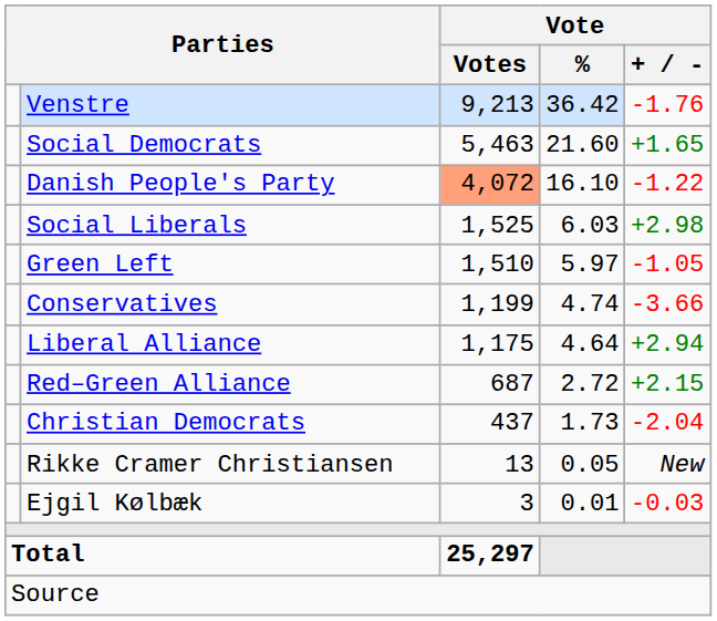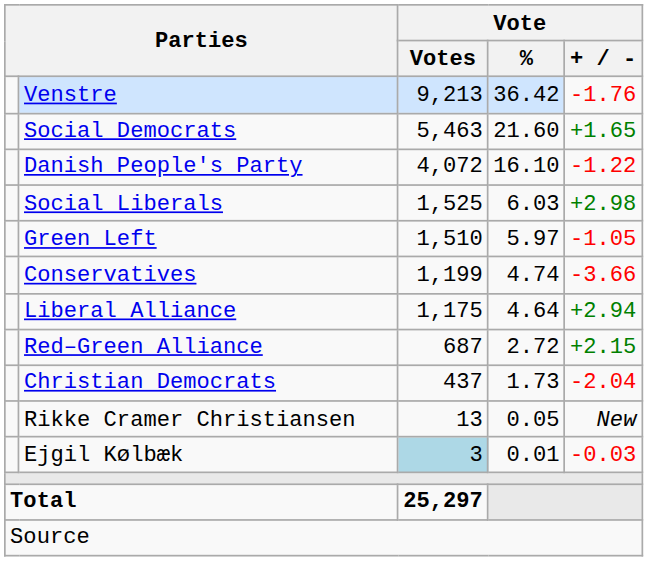 <table class="wikitable" style="text-align:right;">
 <tr>
 <th style="text-align:centre;" rowspan="2" colspan="2" width="225">Parties</th>
 <th colspan="3">Vote</th>
 </tr>
 <tr>
 <th width="15">Votes</th>
 <th width="15">%</th>
 <th width="15">+ / -</th>
 </tr>
 <tr>
 <td width="2" style="color:inherit;background:"></td>
 <td bgcolor=#cfe5fe  align="left"><a href='#'>Venstre</a></td>
 <td bgcolor=#cfe5fe>9,213</td>
 <td bgcolor=#cfe5fe>36.42</td>
 <td style=color:red;>-1.76</td>
 </tr>
 <tr>
 <td width="2" style="color:inherit;background:"></td>
 <td align="left"><a href='#'>Social Democrats</a></td>
 <td>5,463</td>
 <td>21.60</td>
 <td style=color:green;>+1.65</td>
 </tr>
 <tr>
 <td width="2" style="color:inherit;background:"></td>
 <td align="left"><a href='#'>Danish People's Party</a></td>
-<td style="background: lightsalmon;">4,072</td>
+<td>4,072</td>
 <td>16.10</td>
 <td style=color:red;>-1.22</td>
 </tr>
 <tr>
 <td width="2" style="color:inherit;background:"></td>
 <td align="left"><a href='#'>Social Liberals</a></td>
 <td>1,525</td>
 <td>6.03</td>
 <td style=color:green;>+2.98</td>
 </tr>
 <tr>
 <td width="2" style="color:inherit;background:"></td>
 <td align="left"><a href='#'>Green Left</a></td>
 <td>1,510</td>
 <td>5.97</td>
 <td style=color:red;>-1.05</td>
 </tr>
 <tr>
 <td width="2" style="color:inherit;background:"></td>
 <td align="left"><a href='#'>Conservatives</a></td>
 <td>1,199</td>
 <td>4.74</td>
 <td style=color:red;>-3.66</td>
 </tr>
 <tr>
 <td width="2" style="color:inherit;background:"></td>
 <td align="left"><a href='#'>Liberal Alliance</a></td>
 <td>1,175</td>
 <td>4.64</td>
 <td style=color:green;>+2.94</td>
 </tr>
 <tr>
 <td width="2" style="color:inherit;background:"></td>
 <td align="left"><a href='#'>Red–Green Alliance</a></td>
 <td>687</td>
 <td>2.72</td>
 <td style=color:green;>+2.15</td>
 </tr>
 <tr>
 <td width="2" style="color:inherit;background:"></td>
 <td align="left"><a href='#'>Christian Democrats</a></td>
 <td>437</td>
 <td>1.73</td>
 <td style=color:red;>-2.04</td>
 </tr>
 <tr>
 <td width="2" style="color:inherit;background:"></td>
 <td align="left">Rikke Cramer Christiansen</td>
 <td>13</td>
 <td>0.05</td>
 <td><em>New</em></td>
 </tr>
 <tr>
 <td width="2" style="color:inherit;background:"></td>
 <td align="left">Ejgil Kølbæk</td>
-<td>3</td>
+<td style="background: lightblue;">3</td>
 <td>0.01</td>
 <td style=color:red;>-0.03</td>
 </tr>
 <tr>
 <td colspan="7" bgcolor="#E9E9E9"></td>
 </tr>
 <tr>
 <td align="left" colspan="2"><strong>Total</strong></td>
 <td><strong>25,297</strong></td>
 <td bgcolor="#E9E9E9" colspan="2"></td>
 </tr>
 <tr>
 <td align="left" colspan="6">Source</td>
 </tr>
 </table>
